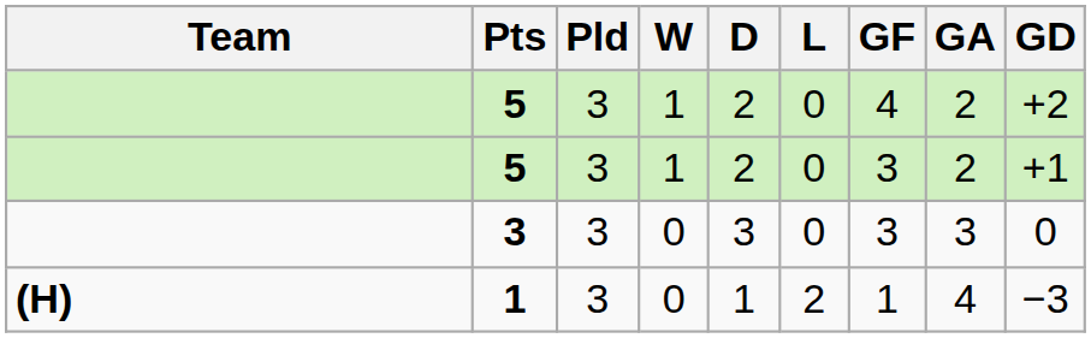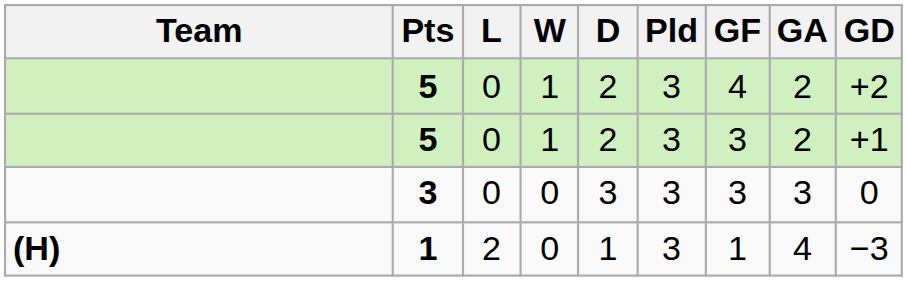 <table class=wikitable style="text-align:center">
 <tr>
 <th width=175>Team</th>
 <th width=20>Pts</th>
-<th width=20>Pld</th>
+<th width=20>L</th>
 <th width=20>W</th>
 <th width=20>D</th>
-<th width=20>L</th>
+<th width=20>Pld</th>
 <th width=20>GF</th>
 <th width=20>GA</th>
 <th width=20>GD</th>
 </tr>
 <tr bgcolor="#D0F0C0">
 <td style="text-align:left;"></td>
 <td><strong>5</strong></td>
-<td>3</td>
+<td>0</td>
 <td>1</td>
 <td>2</td>
-<td>0</td>
+<td>3</td>
 <td>4</td>
 <td>2</td>
 <td>+2</td>
 </tr>
 <tr bgcolor="#D0F0C0">
 <td style="text-align:left;"></td>
 <td><strong>5</strong></td>
-<td>3</td>
+<td>0</td>
 <td>1</td>
 <td>2</td>
-<td>0</td>
+<td>3</td>
 <td>3</td>
 <td>2</td>
 <td>+1</td>
 </tr>
 <tr>
 <td style="text-align:left;"></td>
 <td><strong>3</strong></td>
-<td>3</td>
+<td>0</td>
 <td>0</td>
 <td>3</td>
-<td>0</td>
+<td>3</td>
 <td>3</td>
 <td>3</td>
 <td>0</td>
 </tr>
 <tr>
 <td style="text-align:left;"> <strong>(H)</strong></td>
 <td><strong>1</strong></td>
-<td>3</td>
+<td>2</td>
 <td>0</td>
 <td>1</td>
-<td>2</td>
+<td>3</td>
 <td>1</td>
 <td>4</td>
 <td>−3</td>
 </tr>
 </table>
